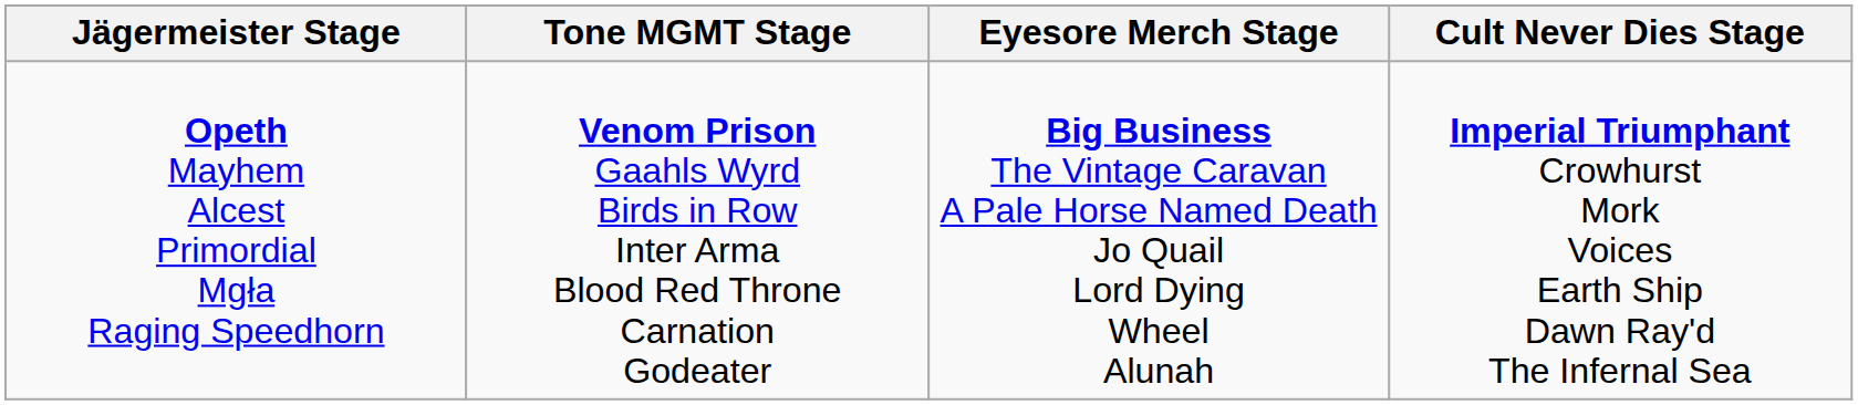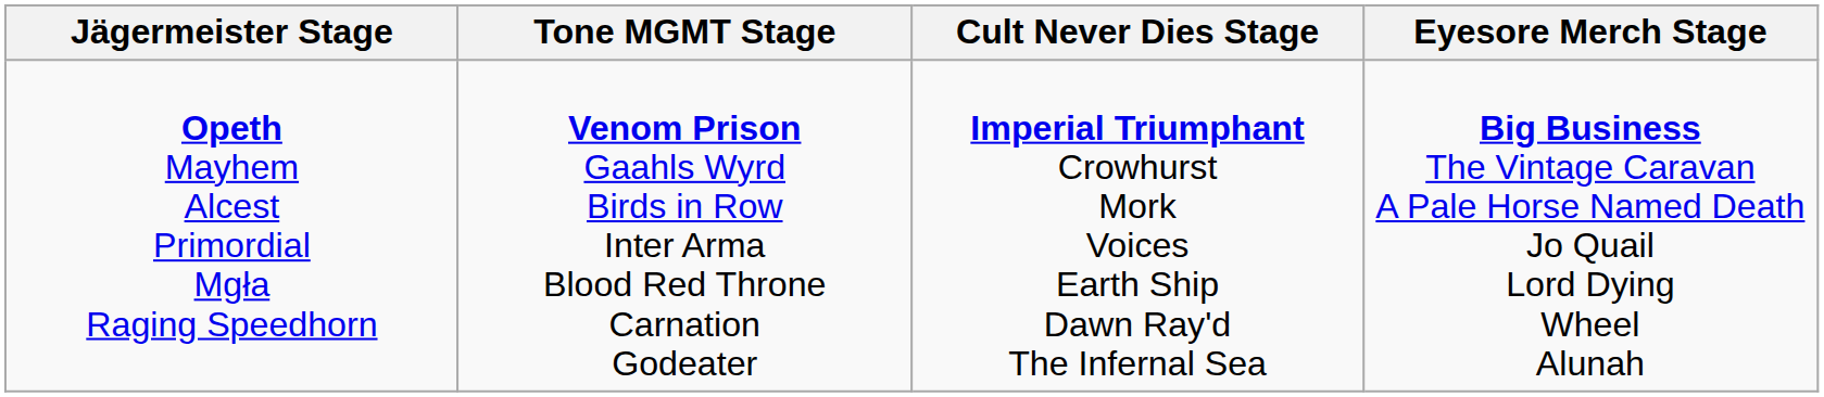 <table class="wikitable">
 <tr>
 <th>Jägermeister Stage</th>
 <th>Tone MGMT Stage</th>
+<th>Cult Never Dies Stage</th>
 <th>Eyesore Merch Stage</th>
-<th>Cult Never Dies Stage</th>
 </tr>
 <tr>
 <td valign="top" align="center" width=200><br><strong><a href='#'>Opeth</a></strong><br> <a href='#'>Mayhem</a><br> <a href='#'>Alcest</a><br> <a href='#'>Primordial</a><br> <a href='#'>Mgła</a><br> <a href='#'>Raging Speedhorn</a><br></td>
 <td valign="top" align="center" width=200><br><strong><a href='#'>Venom Prison</a></strong><br> <a href='#'>Gaahls Wyrd</a><br> <a href='#'>Birds in Row</a><br> Inter Arma<br> Blood Red Throne<br> Carnation<br> Godeater<br></td>
+<td valign="top" align="center" width=200><br><strong><a href='#'>Imperial Triumphant</a></strong><br> Crowhurst<br> Mork<br> Voices<br> Earth Ship<br> Dawn Ray'd<br> The Infernal Sea<br></td>
 <td valign="top" align="center" width=200><br><strong><a href='#'>Big Business</a></strong><br> <a href='#'>The Vintage Caravan</a><br> <a href='#'>A Pale Horse Named Death</a><br> Jo Quail<br> Lord Dying<br> Wheel<br> Alunah</td>
-<td valign="top" align="center" width=200><br><strong><a href='#'>Imperial Triumphant</a></strong><br> Crowhurst<br> Mork<br> Voices<br> Earth Ship<br> Dawn Ray'd<br> The Infernal Sea<br></td>
 </tr>
 </table>
